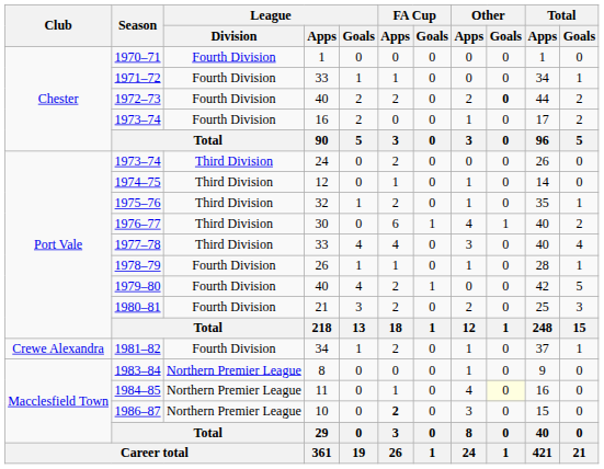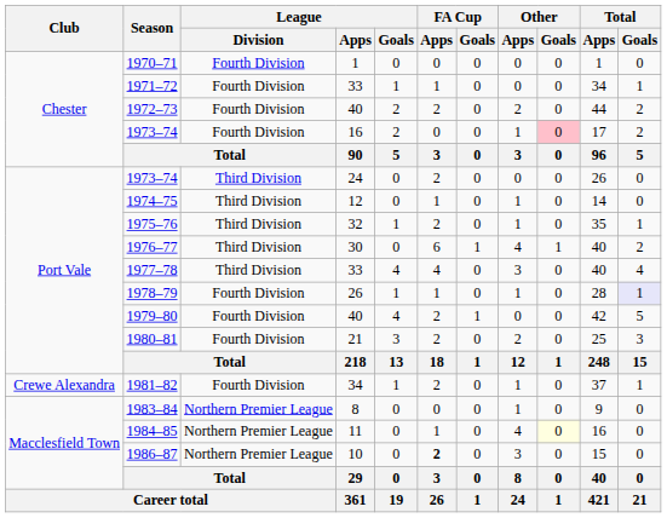 <table class="wikitable" style="text-align: center;">
 <tr>
 <th rowspan="2">Club</th>
 <th rowspan="2">Season</th>
 <th colspan="3">League</th>
 <th colspan="2">FA Cup</th>
 <th colspan="2">Other</th>
 <th colspan="2">Total</th>
 </tr>
 <tr>
 <th>Division</th>
 <th>Apps</th>
 <th>Goals</th>
 <th>Apps</th>
 <th>Goals</th>
 <th>Apps</th>
 <th>Goals</th>
 <th>Apps</th>
 <th>Goals</th>
 </tr>
 <tr>
 <td rowspan="5"><a href='#'>Chester</a></td>
 <td><a href='#'>1970–71</a></td>
 <td><a href='#'>Fourth Division</a></td>
 <td>1</td>
 <td>0</td>
 <td>0</td>
 <td>0</td>
 <td>0</td>
 <td>0</td>
 <td>1</td>
 <td>0</td>
 </tr>
 <tr>
 <td><a href='#'>1971–72</a></td>
 <td>Fourth Division</td>
 <td>33</td>
 <td>1</td>
 <td>1</td>
 <td>0</td>
 <td>0</td>
 <td>0</td>
 <td>34</td>
 <td>1</td>
 </tr>
 <tr>
 <td><a href='#'>1972–73</a></td>
 <td>Fourth Division</td>
 <td>40</td>
 <td>2</td>
 <td>2</td>
 <td>0</td>
 <td>2</td>
-<td><strong>0</strong></td>
+<td>0</td>
 <td>44</td>
 <td>2</td>
 </tr>
 <tr>
 <td><a href='#'>1973–74</a></td>
 <td>Fourth Division</td>
 <td>16</td>
 <td>2</td>
 <td>0</td>
 <td>0</td>
 <td>1</td>
-<td>0</td>
+<td style="background: pink;">0</td>
 <td>17</td>
 <td>2</td>
 </tr>
 <tr>
 <th colspan="2">Total</th>
 <th>90</th>
 <th>5</th>
 <th>3</th>
 <th>0</th>
 <th>3</th>
 <th>0</th>
 <th>96</th>
 <th>5</th>
 </tr>
 <tr>
 <td rowspan="9"><a href='#'>Port Vale</a></td>
 <td><a href='#'>1973–74</a></td>
 <td><a href='#'>Third Division</a></td>
 <td>24</td>
 <td>0</td>
 <td>2</td>
 <td>0</td>
 <td>0</td>
 <td>0</td>
 <td>26</td>
 <td>0</td>
 </tr>
 <tr>
 <td><a href='#'>1974–75</a></td>
 <td>Third Division</td>
 <td>12</td>
 <td>0</td>
 <td>1</td>
 <td>0</td>
 <td>1</td>
 <td>0</td>
 <td>14</td>
 <td>0</td>
 </tr>
 <tr>
 <td><a href='#'>1975–76</a></td>
 <td>Third Division</td>
 <td>32</td>
 <td>1</td>
 <td>2</td>
 <td>0</td>
 <td>1</td>
 <td>0</td>
 <td>35</td>
 <td>1</td>
 </tr>
 <tr>
 <td><a href='#'>1976–77</a></td>
 <td>Third Division</td>
 <td>30</td>
 <td>0</td>
 <td>6</td>
 <td>1</td>
 <td>4</td>
 <td>1</td>
 <td>40</td>
 <td>2</td>
 </tr>
 <tr>
 <td><a href='#'>1977–78</a></td>
 <td>Third Division</td>
 <td>33</td>
 <td>4</td>
 <td>4</td>
 <td>0</td>
 <td>3</td>
 <td>0</td>
 <td>40</td>
 <td>4</td>
 </tr>
 <tr>
 <td><a href='#'>1978–79</a></td>
 <td>Fourth Division</td>
 <td>26</td>
 <td>1</td>
 <td>1</td>
 <td>0</td>
 <td>1</td>
 <td>0</td>
 <td>28</td>
-<td>1</td>
+<td style="background: lavender;">1</td>
 </tr>
 <tr>
 <td><a href='#'>1979–80</a></td>
 <td>Fourth Division</td>
 <td>40</td>
 <td>4</td>
 <td>2</td>
 <td>1</td>
 <td>0</td>
 <td>0</td>
 <td>42</td>
 <td>5</td>
 </tr>
 <tr>
 <td><a href='#'>1980–81</a></td>
 <td>Fourth Division</td>
 <td>21</td>
 <td>3</td>
 <td>2</td>
 <td>0</td>
 <td>2</td>
 <td>0</td>
 <td>25</td>
 <td>3</td>
 </tr>
 <tr>
 <th colspan="2">Total</th>
 <th>218</th>
 <th>13</th>
 <th>18</th>
 <th>1</th>
 <th>12</th>
 <th>1</th>
 <th>248</th>
 <th>15</th>
 </tr>
 <tr>
 <td><a href='#'>Crewe Alexandra</a></td>
 <td><a href='#'>1981–82</a></td>
 <td>Fourth Division</td>
 <td>34</td>
 <td>1</td>
 <td>2</td>
 <td>0</td>
 <td>1</td>
 <td>0</td>
 <td>37</td>
 <td>1</td>
 </tr>
 <tr>
 <td rowspan="4"><a href='#'>Macclesfield Town</a></td>
 <td><a href='#'>1983–84</a></td>
 <td><a href='#'>Northern Premier League</a></td>
 <td>8</td>
 <td>0</td>
 <td>0</td>
 <td>0</td>
 <td>1</td>
 <td>0</td>
 <td>9</td>
 <td>0</td>
 </tr>
 <tr>
 <td><a href='#'>1984–85</a></td>
 <td>Northern Premier League</td>
 <td>11</td>
 <td>0</td>
 <td>1</td>
 <td>0</td>
 <td>4</td>
 <td style="background: lightyellow;">0</td>
 <td>16</td>
 <td>0</td>
 </tr>
 <tr>
 <td><a href='#'>1986–87</a></td>
 <td>Northern Premier League</td>
 <td>10</td>
 <td>0</td>
 <td><strong>2</strong></td>
 <td>0</td>
 <td>3</td>
 <td>0</td>
 <td>15</td>
 <td>0</td>
 </tr>
 <tr>
 <th colspan="2">Total</th>
 <th>29</th>
 <th>0</th>
 <th>3</th>
 <th>0</th>
 <th>8</th>
 <th>0</th>
 <th>40</th>
 <th>0</th>
 </tr>
 <tr>
 <th colspan="3">Career total</th>
 <th>361</th>
 <th>19</th>
 <th>26</th>
 <th>1</th>
 <th>24</th>
 <th>1</th>
 <th>421</th>
 <th>21</th>
 </tr>
 </table>
